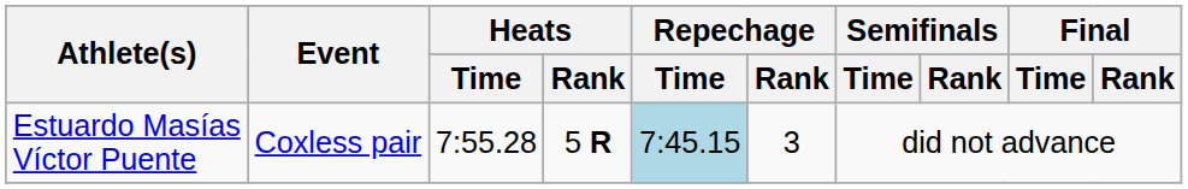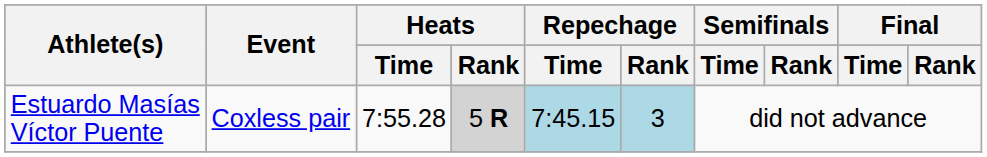 <table class="wikitable" border="1" style="font-size:90%">
 <tr>
 <th rowspan=2>Athlete(s)</th>
 <th rowspan=2>Event</th>
 <th colspan=2>Heats</th>
 <th colspan=2>Repechage</th>
 <th colspan=2>Semifinals</th>
 <th colspan=2>Final</th>
 </tr>
 <tr>
 <th>Time</th>
 <th>Rank</th>
 <th>Time</th>
 <th>Rank</th>
 <th>Time</th>
 <th>Rank</th>
 <th>Time</th>
 <th>Rank</th>
 </tr>
 <tr>
 <td><a href='#'>Estuardo Masías</a> <br> <a href='#'>Víctor Puente</a></td>
 <td><a href='#'>Coxless pair</a></td>
 <td align=center>7:55.28</td>
-<td align=center>5 <strong>R</strong></td>
+<td align=center style="background: lightgrey;">5 <strong>R</strong></td>
 <td align=center style="background: lightblue;">7:45.15</td>
-<td align=center>3</td>
+<td align=center style="background: lightblue;">3</td>
 <td align=center colspan= 4>did not advance</td>
 </tr>
 </table>
